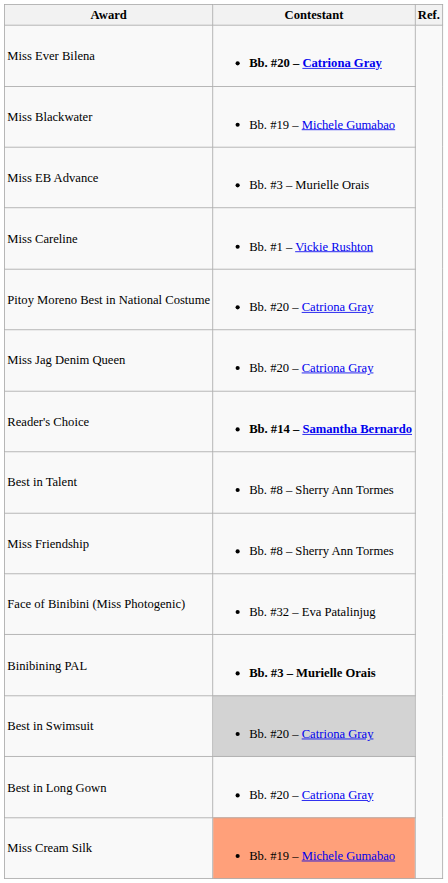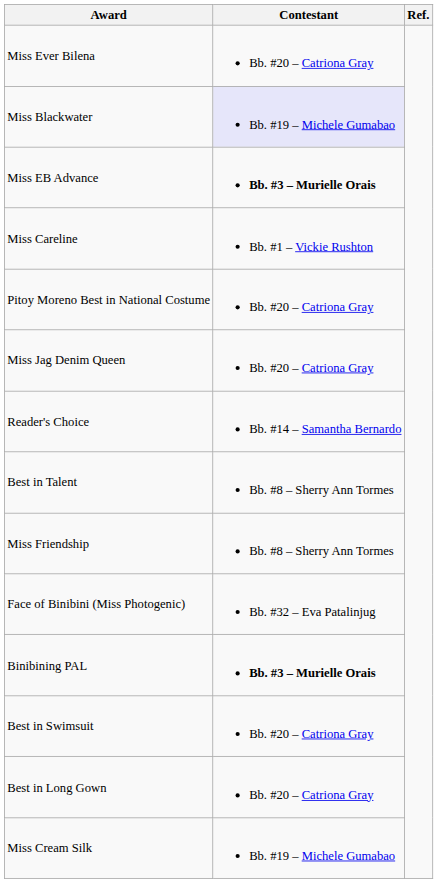 <table class="wikitable sortable" style="font-size: 95%;">
 <tr>
 <th>Award</th>
 <th>Contestant</th>
 <th>Ref.</th>
 </tr>
 <tr>
 <td>Miss Ever Bilena</td>
-<td><strong><br><ul><li>Bb. #20 – <a href='#'>Catriona Gray</a></li></ul></strong></td>
+<td><br><ul><li>Bb. #20 – <a href='#'>Catriona Gray</a></li></ul></td>
 <td rowspan="14"><br><br><br></td>
 </tr>
 <tr>
 <td>Miss Blackwater</td>
-<td><br><ul><li>Bb. #19 – <a href='#'>Michele Gumabao</a></li></ul></td>
+<td style="background: lavender;"><br><ul><li>Bb. #19 – <a href='#'>Michele Gumabao</a></li></ul></td>
 </tr>
 <tr>
 <td>Miss EB Advance</td>
-<td><br><ul><li>Bb. #3 – Murielle Orais</li></ul></td>
+<td><strong><br><ul><li>Bb. #3 – Murielle Orais</li></ul></strong></td>
 </tr>
 <tr>
 <td>Miss Careline</td>
 <td><br><ul><li>Bb. #1 – <a href='#'>Vickie Rushton</a></li></ul></td>
 </tr>
 <tr>
 <td>Pitoy Moreno Best in National Costume</td>
 <td><br><ul><li>Bb. #20 – <a href='#'>Catriona Gray</a></li></ul></td>
 </tr>
 <tr>
 <td>Miss Jag Denim Queen</td>
 <td><br><ul><li>Bb. #20 – <a href='#'>Catriona Gray</a></li></ul></td>
 </tr>
 <tr>
 <td>Reader's Choice</td>
-<td><strong><br><ul><li>Bb. #14 – <a href='#'>Samantha Bernardo</a></li></ul></strong></td>
+<td><br><ul><li>Bb. #14 – <a href='#'>Samantha Bernardo</a></li></ul></td>
 </tr>
 <tr>
 <td>Best in Talent</td>
 <td><br><ul><li>Bb. #8 – Sherry Ann Tormes</li></ul></td>
 </tr>
 <tr>
 <td>Miss Friendship</td>
 <td><br><ul><li>Bb. #8 – Sherry Ann Tormes</li></ul></td>
 </tr>
 <tr>
 <td>Face of Binibini (Miss Photogenic)</td>
 <td><br><ul><li>Bb. #32 – Eva Patalinjug</li></ul></td>
 </tr>
 <tr>
 <td>Binibining PAL</td>
 <td><strong><br><ul><li>Bb. #3 – Murielle Orais</li></ul></strong></td>
 </tr>
 <tr>
 <td>Best in Swimsuit</td>
-<td style="background: lightgrey;"><br><ul><li>Bb. #20 – <a href='#'>Catriona Gray</a></li></ul></td>
+<td><br><ul><li>Bb. #20 – <a href='#'>Catriona Gray</a></li></ul></td>
 </tr>
 <tr>
 <td>Best in Long Gown</td>
 <td><br><ul><li>Bb. #20 – <a href='#'>Catriona Gray</a></li></ul></td>
 </tr>
 <tr>
 <td>Miss Cream Silk</td>
-<td style="background: lightsalmon;"><br><ul><li>Bb. #19 – <a href='#'>Michele Gumabao</a></li></ul></td>
+<td><br><ul><li>Bb. #19 – <a href='#'>Michele Gumabao</a></li></ul></td>
 </tr>
 </table>
